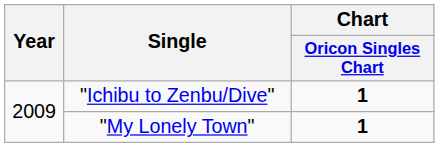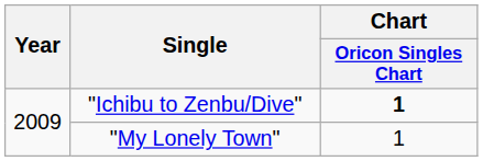 <table class="wikitable"  style="width:350px; text-align:center;">
 <tr>
 <th rowspan="2">Year</th>
 <th rowspan="2">Single</th>
 <th colspan="2">Chart</th>
 </tr>
 <tr style="font-size:smaller;">
 <th style="width:110px;"><a href='#'>Oricon Singles Chart</a></th>
 </tr>
 <tr>
 <td rowspan="2">2009</td>
 <td>"<a href='#'>Ichibu to Zenbu/Dive</a>"</td>
 <td><strong>1</strong></td>
 </tr>
 <tr>
 <td>"<a href='#'>My Lonely Town</a>"</td>
-<td><strong>1</strong></td>
+<td>1</td>
 </tr>
 </table>
